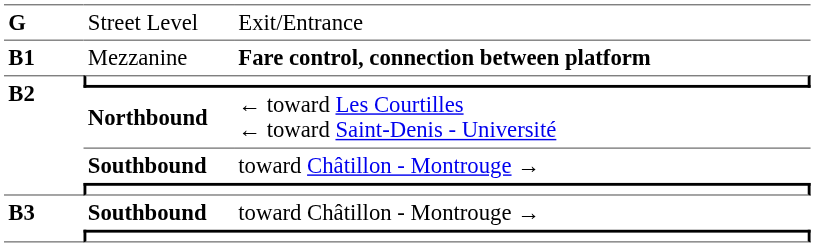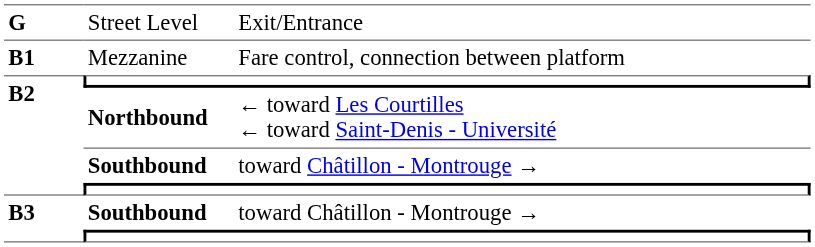 <table border=0 cellspacing=0 cellpadding=3>
 <tr>
 <td style="border-top:solid 1px gray;" width=50 valign=top><strong>G</strong></td>
 <td style="border-top:solid 1px gray;" width=100 valign=top>Street Level</td>
 <td style="border-top:solid 1px gray;" width=400 valign=top>Exit/Entrance</td>
 </tr>
 <tr>
 <td style="border-top:solid 1px gray;" width=50 valign=top><strong>B1</strong></td>
 <td style="border-top:solid 1px gray;" width=100 valign=top>Mezzanine</td>
-<td style="border-top:solid 1px gray;" width=400 valign=top><strong>Fare control, connection between platform</strong></td>
+<td style="border-top:solid 1px gray;" width=400 valign=top>Fare control, connection between platform</td>
 </tr>
 <tr>
 <td style="border-top:solid 1px gray;border-bottom:solid 1px gray;" width=50 rowspan=4 valign=top><strong>B2</strong></td>
 <td style="border-top:solid 1px gray;border-right:solid 2px black;border-left:solid 2px black;border-bottom:solid 2px black;text-align:center;" colspan=2></td>
 </tr>
 <tr>
 <td style="border-bottom:solid 1px gray;" width=100><strong>Northbound</strong></td>
 <td style="border-bottom:solid 1px gray;" width=390>←    toward <a href='#'>Les Courtilles</a> <br>←   toward <a href='#'>Saint-Denis - Université</a> </td>
 </tr>
 <tr>
 <td><strong>Southbound</strong></td>
 <td>    toward <a href='#'>Châtillon - Montrouge</a>  →</td>
 </tr>
 <tr>
 <td style="border-top:solid 2px black;border-right:solid 2px black;border-left:solid 2px black;border-bottom:solid 1px gray;text-align:center;" colspan=2></td>
 </tr>
 <tr>
 <td style="border-bottom:solid 1px gray;" width=50 rowspan=2 valign=top><strong>B3</strong></td>
 <td><strong>Southbound</strong></td>
 <td>   toward Châtillon - Montrouge  →</td>
 </tr>
 <tr>
 <td style="border-top:solid 2px black;border-right:solid 2px black;border-left:solid 2px black;border-bottom:solid 1px gray;text-align:center;" colspan=2></td>
 </tr>
 </table>
